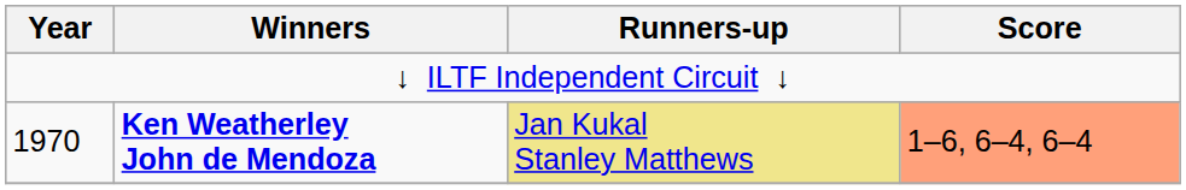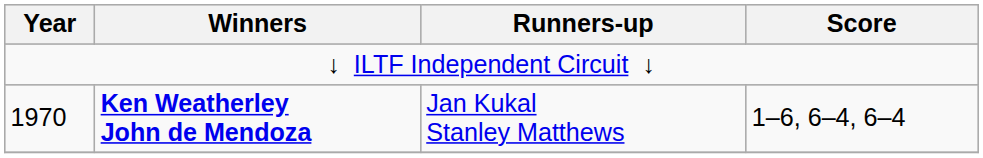 <table class="wikitable">
 <tr>
 <th style="width:50px">Year</th>
 <th style="width:200px">Winners</th>
 <th style="width:200px">Runners-up</th>
 <th style="width:140px" class="unsortable">Score</th>
 </tr>
 <tr>
 <td colspan=4 align=center>↓  <a href='#'>ILTF Independent Circuit</a>  ↓</td>
 </tr>
 <tr>
 <td>1970</td>
 <td><strong> <a href='#'>Ken Weatherley</a><br>  <a href='#'>John de Mendoza</a></strong></td>
-<td style="background: khaki;"> <a href='#'>Jan Kukal</a><br> <a href='#'>Stanley Matthews</a></td>
-<td style="background: lightsalmon;">1–6, 6–4, 6–4</td>
+<td> <a href='#'>Jan Kukal</a><br> <a href='#'>Stanley Matthews</a></td>
+<td>1–6, 6–4, 6–4</td>
 </tr>
 <tr>
 </tr>
 </table>
